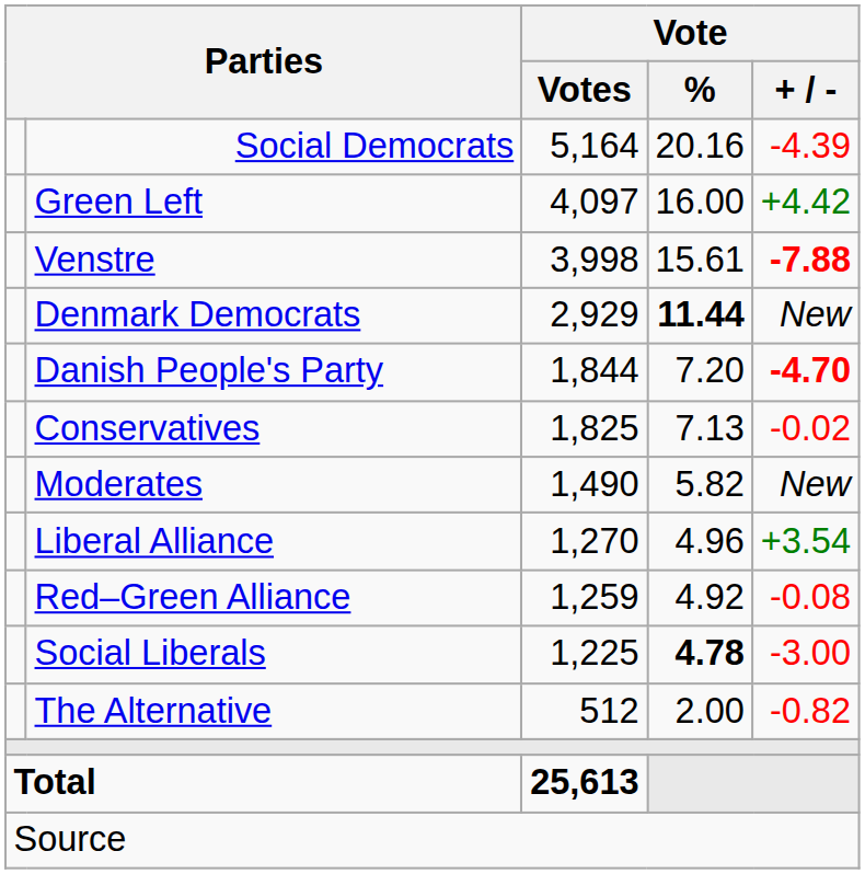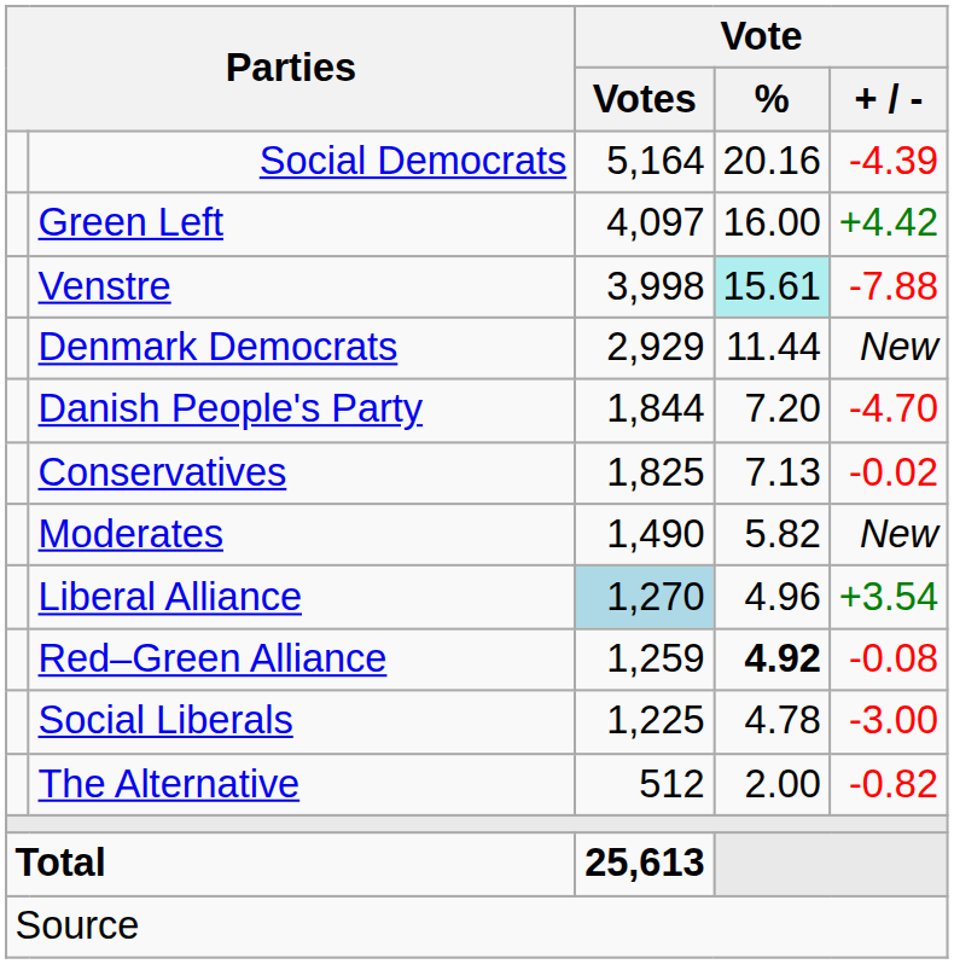 <table class="wikitable" style="text-align:right;">
 <tr>
 <th style="text-align:centre;" rowspan="2" colspan="2" width="225">Parties</th>
 <th colspan="3">Vote</th>
 </tr>
 <tr>
 <th width="15">Votes</th>
 <th width="15">%</th>
 <th width="15">+ / -</th>
 </tr>
 <tr>
 <td width=2 bgcolor=></td>
 <td><a href='#'>Social Democrats</a></td>
 <td>5,164</td>
 <td>20.16</td>
 <td style=color:red;>-4.39</td>
 </tr>
 <tr>
 <td width=2 bgcolor=></td>
 <td align=left><a href='#'>Green Left</a></td>
 <td>4,097</td>
 <td>16.00</td>
 <td style=color:green;>+4.42</td>
 </tr>
 <tr>
 <td width=2 bgcolor=></td>
 <td align=left><a href='#'>Venstre</a></td>
 <td>3,998</td>
-<td>15.61</td>
-<td style=color:red;><strong>-7.88</strong></td>
+<td style="background: paleturquoise;">15.61</td>
+<td style=color:red;>-7.88</td>
 </tr>
 <tr>
 <td width=2 bgcolor=></td>
 <td align=left><a href='#'>Denmark Democrats</a></td>
 <td>2,929</td>
-<td><strong>11.44</strong></td>
+<td>11.44</td>
 <td><em>New</em></td>
 </tr>
 <tr>
 <td width=2 bgcolor=></td>
 <td align=left><a href='#'>Danish People's Party</a></td>
 <td>1,844</td>
 <td>7.20</td>
-<td style=color:red;><strong>-4.70</strong></td>
+<td style=color:red;>-4.70</td>
 </tr>
 <tr>
 <td width=2 bgcolor=></td>
 <td align=left><a href='#'>Conservatives</a></td>
 <td>1,825</td>
 <td>7.13</td>
 <td style=color:red;>-0.02</td>
 </tr>
 <tr>
 <td width=2 bgcolor=></td>
 <td align=left><a href='#'>Moderates</a></td>
 <td>1,490</td>
 <td>5.82</td>
 <td><em>New</em></td>
 </tr>
 <tr>
 <td width=2 bgcolor=></td>
 <td align=left><a href='#'>Liberal Alliance</a></td>
-<td>1,270</td>
+<td style="background: lightblue;">1,270</td>
 <td>4.96</td>
 <td style=color:green;>+3.54</td>
 </tr>
 <tr>
 <td width=2 bgcolor=></td>
 <td align=left><a href='#'>Red–Green Alliance</a></td>
 <td>1,259</td>
-<td>4.92</td>
+<td><strong>4.92</strong></td>
 <td style=color:red;>-0.08</td>
 </tr>
 <tr>
 <td width=2 bgcolor=></td>
 <td align=left><a href='#'>Social Liberals</a></td>
 <td>1,225</td>
-<td><strong>4.78</strong></td>
+<td>4.78</td>
 <td style=color:red;>-3.00</td>
 </tr>
 <tr>
 <td width=2 bgcolor=></td>
 <td align=left><a href='#'>The Alternative</a></td>
 <td>512</td>
 <td>2.00</td>
 <td style=color:red;>-0.82</td>
 </tr>
 <tr>
 <td colspan="7" bgcolor="#E9E9E9"></td>
 </tr>
 <tr>
 <td align="left" colspan="2"><strong>Total</strong></td>
 <td><strong>25,613</strong></td>
 <td bgcolor=#E9E9E9 colspan=2></td>
 </tr>
 <tr>
 <td align="left" colspan="6">Source</td>
 </tr>
 </table>
